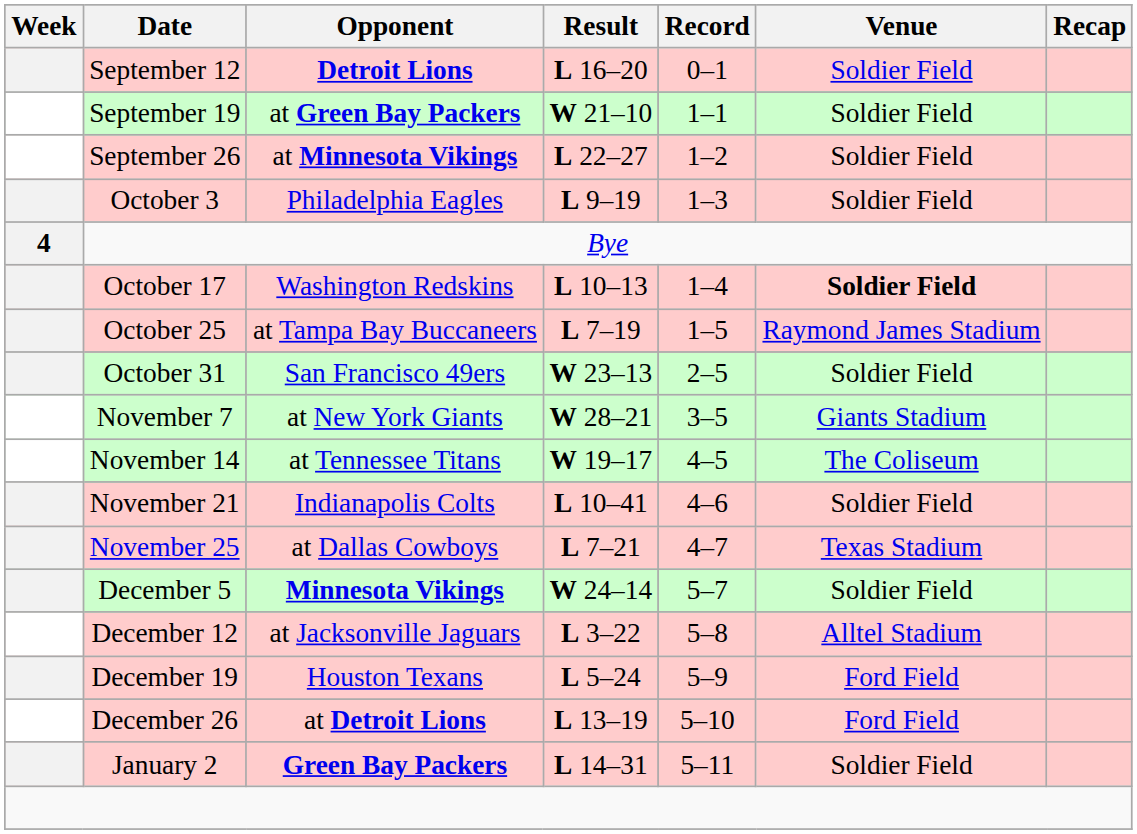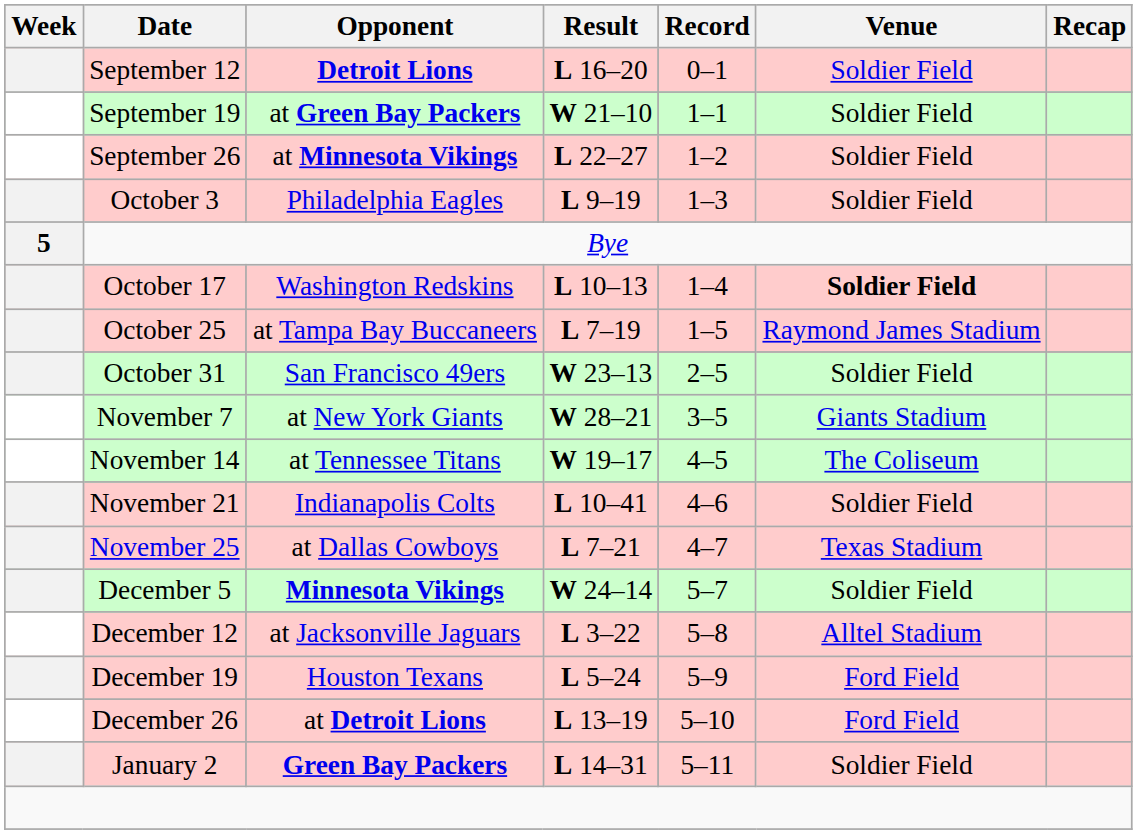 <table class="wikitable" style="text-align:center">
 <tr>
 <th>Week</th>
 <th>Date</th>
 <th>Opponent</th>
 <th>Result</th>
 <th>Record</th>
 <th>Venue</th>
 <th>Recap</th>
 </tr>
 <tr style="background:#fcc;">
 <th></th>
 <td>September 12</td>
 <td><strong><a href='#'>Detroit Lions</a></strong></td>
 <td><strong>L</strong>  16–20</td>
 <td>0–1</td>
 <td><a href='#'>Soldier Field</a></td>
 <td></td>
 </tr>
 <tr style="background:#cfc;">
 <th style="background:white;color:#03202F"></th>
 <td>September 19</td>
 <td>at <strong><a href='#'>Green Bay Packers</a></strong></td>
 <td><strong>W</strong> 21–10</td>
 <td>1–1</td>
 <td>Soldier Field</td>
 <td></td>
 </tr>
 <tr style="background:#fcc;">
 <th style="background:white;color:#03202F"></th>
 <td>September 26</td>
 <td>at <strong><a href='#'>Minnesota Vikings</a></strong></td>
 <td><strong>L</strong> 22–27</td>
 <td>1–2</td>
 <td>Soldier Field</td>
 <td></td>
 </tr>
 <tr style="background:#fcc;">
 <th></th>
 <td>October 3</td>
 <td><a href='#'>Philadelphia Eagles</a></td>
 <td><strong>L</strong> 9–19</td>
 <td>1–3</td>
 <td>Soldier Field</td>
 <td></td>
 </tr>
 <tr style="text-align:center;">
-<th>4</th>
+<th>5</th>
 <td colspan="6" style="text-align:center;"><em><a href='#'>Bye</a></em></td>
 </tr>
 <tr style="background:#fcc;">
 <th></th>
 <td>October 17</td>
 <td><a href='#'>Washington Redskins</a></td>
 <td><strong>L</strong> 10–13</td>
 <td>1–4</td>
 <td><strong>Soldier Field</strong></td>
 <td></td>
 </tr>
 <tr style="background:#fcc;">
 <th></th>
 <td>October 25</td>
 <td>at <a href='#'>Tampa Bay Buccaneers</a></td>
 <td><strong>L</strong> 7–19</td>
 <td>1–5</td>
 <td><a href='#'>Raymond James Stadium</a></td>
 <td></td>
 </tr>
 <tr style="background:#cfc;">
 <th></th>
 <td>October 31</td>
 <td><a href='#'>San Francisco 49ers</a></td>
 <td><strong>W</strong> 23–13</td>
 <td>2–5</td>
 <td>Soldier Field</td>
 <td></td>
 </tr>
 <tr style="background:#cfc;">
 <th style="background:white;color:#03202F"></th>
 <td>November 7</td>
 <td>at <a href='#'>New York Giants</a></td>
 <td><strong>W</strong> 28–21</td>
 <td>3–5</td>
 <td><a href='#'>Giants Stadium</a></td>
 <td></td>
 </tr>
 <tr style="background:#cfc;">
 <th style="background:white;color:#03202F"></th>
 <td>November 14</td>
 <td>at <a href='#'>Tennessee Titans</a></td>
 <td><strong>W</strong> 19–17 </td>
 <td>4–5</td>
 <td><a href='#'>The Coliseum</a></td>
 <td></td>
 </tr>
 <tr style="background:#fcc;">
 <th></th>
 <td>November 21</td>
 <td><a href='#'>Indianapolis Colts</a></td>
 <td><strong>L</strong> 10–41</td>
 <td>4–6</td>
 <td>Soldier Field</td>
 <td></td>
 </tr>
 <tr style="background:#fcc;">
 <th></th>
 <td><a href='#'>November 25</a></td>
 <td>at <a href='#'>Dallas Cowboys</a></td>
 <td><strong>L</strong> 7–21</td>
 <td>4–7</td>
 <td><a href='#'>Texas Stadium</a></td>
 <td></td>
 </tr>
 <tr style="background:#cfc;">
 <th></th>
 <td>December 5</td>
 <td><strong><a href='#'>Minnesota Vikings</a></strong></td>
 <td><strong>W</strong> 24–14</td>
 <td>5–7</td>
 <td>Soldier Field</td>
 <td></td>
 </tr>
 <tr style="background:#fcc;">
 <th style="background:white;color:#03202F"></th>
 <td>December 12</td>
 <td>at <a href='#'>Jacksonville Jaguars</a></td>
 <td><strong>L</strong> 3–22</td>
 <td>5–8</td>
 <td><a href='#'>Alltel Stadium</a></td>
 <td></td>
 </tr>
 <tr style="background:#fcc;">
 <th></th>
 <td>December 19</td>
 <td><a href='#'>Houston Texans</a></td>
 <td><strong>L</strong> 5–24</td>
 <td>5–9</td>
 <td><a href='#'>Ford Field</a></td>
 <td></td>
 </tr>
 <tr style="background:#fcc;">
 <th style="background:white;color:#03202F"></th>
 <td>December 26</td>
 <td>at <strong><a href='#'>Detroit Lions</a></strong></td>
 <td><strong>L</strong> 13–19</td>
 <td>5–10</td>
 <td><a href='#'>Ford Field</a></td>
 <td></td>
 </tr>
 <tr style="background:#fcc;">
 <th></th>
 <td>January 2</td>
 <td><strong><a href='#'>Green Bay Packers</a></strong></td>
 <td><strong>L</strong> 14–31</td>
 <td>5–11</td>
 <td>Soldier Field</td>
 <td></td>
 </tr>
 <tr>
 <td colspan="7"><br></td>
 </tr>
 </table>
